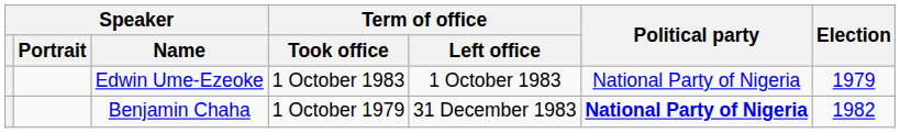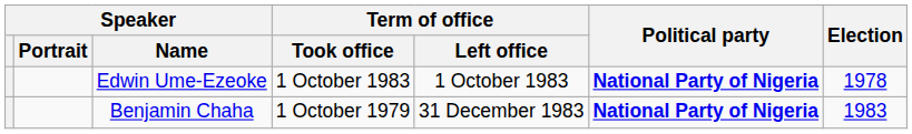 <table class=wikitable style=text-align:center>
 <tr>
 <th colspan=3>Speaker</th>
 <th colspan=2>Term of office</th>
 <th rowspan=2>Political party</th>
 <th rowspan=2>Election</th>
 </tr>
 <tr>
 <th></th>
 <th>Portrait</th>
 <th>Name</th>
 <th>Took office</th>
 <th>Left office</th>
 </tr>
 <tr>
 <th style="background:"></th>
 <td></td>
 <td><a href='#'>Edwin Ume-Ezeoke</a></td>
 <td>1 October 1983</td>
 <td>1 October 1983</td>
-<td><a href='#'>National Party of Nigeria</a></td>
-<td><a href='#'>1979</a></td>
+<td><strong><a href='#'>National Party of Nigeria</a></strong></td>
+<td><a href='#'>1978</a></td>
 </tr>
 <tr>
 <th style="background:"></th>
 <td></td>
 <td><a href='#'>Benjamin Chaha</a></td>
 <td>1 October 1979</td>
 <td>31 December 1983</td>
 <td><strong><a href='#'>National Party of Nigeria</a></strong></td>
-<td><a href='#'>1982</a></td>
+<td><a href='#'>1983</a></td>
 </tr>
 </table>
